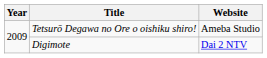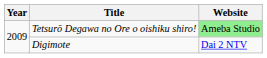 <table class="wikitable">
 <tr>
 <th>Year</th>
 <th>Title</th>
 <th>Website</th>
 </tr>
 <tr>
 <td rowspan="2">2009</td>
 <td><em>Tetsurō Degawa no Ore o oishiku shiro!</em></td>
-<td>Ameba Studio</td>
+<td style="background: lightgreen;">Ameba Studio</td>
 </tr>
 <tr>
 <td><em>Digimote</em></td>
 <td><a href='#'>Dai 2 NTV</a></td>
 </tr>
 </table>
